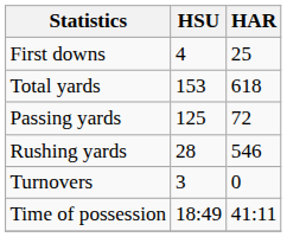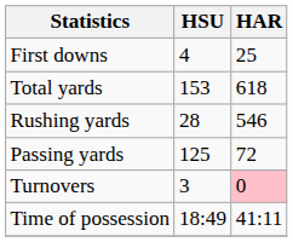 <table class="wikitable" style="float: left;">
 <tr>
 <th>Statistics</th>
 <th>HSU</th>
 <th>HAR</th>
 </tr>
 <tr>
 <td>First downs</td>
 <td>4</td>
 <td>25</td>
 </tr>
 <tr>
 <td>Total yards</td>
 <td>153</td>
 <td>618</td>
 </tr>
 <tr>
+<td>Rushing yards</td>
+<td>28</td>
+<td>546</td>
+</tr>
+<tr>
 <td>Passing yards</td>
 <td>125</td>
 <td>72</td>
 </tr>
 <tr>
-<td>Rushing yards</td>
-<td>28</td>
-<td>546</td>
-</tr>
-<tr>
 <td>Turnovers</td>
 <td>3</td>
-<td>0</td>
+<td style="background: pink;">0</td>
 </tr>
 <tr>
 <td>Time of possession</td>
 <td>18:49</td>
 <td>41:11</td>
 </tr>
 <tr>
 </tr>
 </table>
